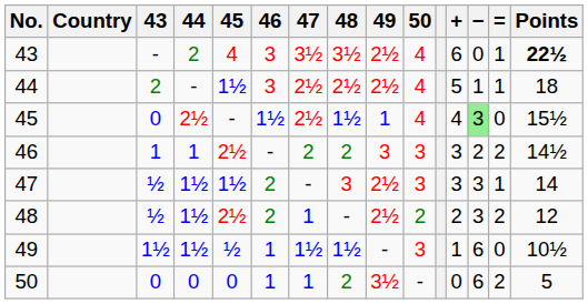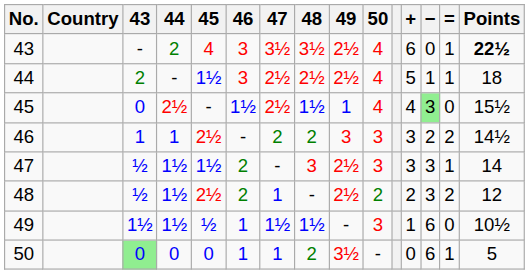 <table class="wikitable" style="text-align:center">
 <tr>
 <th>No.</th>
 <th>Country</th>
 <th>43</th>
 <th>44</th>
 <th>45</th>
 <th>46</th>
 <th>47</th>
 <th>48</th>
 <th>49</th>
 <th>50</th>
 <th></th>
 <th>+</th>
 <th>−</th>
 <th>=</th>
 <th>Points</th>
 </tr>
 <tr>
 <td>43</td>
 <td style="text-align: left"></td>
 <td>-</td>
 <td style="color:green;">2</td>
 <td style="color:red;">4</td>
 <td style="color:red;">3</td>
 <td style="color:red;">3½</td>
 <td style="color:red;">3½</td>
 <td style="color:red;">2½</td>
 <td style="color:red;">4</td>
 <th></th>
 <td>6</td>
 <td>0</td>
 <td>1</td>
 <td><strong>22½ </strong></td>
 </tr>
 <tr>
 <td>44</td>
 <td style="text-align: left"></td>
 <td style="color:green;">2</td>
 <td>-</td>
 <td style="color:blue;">1½</td>
 <td style="color:red;">3</td>
 <td style="color:red;">2½</td>
 <td style="color:red;">2½</td>
 <td style="color:red;">2½</td>
 <td style="color:red;">4</td>
 <th></th>
 <td>5</td>
 <td>1</td>
 <td>1</td>
 <td>18</td>
 </tr>
 <tr>
 <td>45</td>
 <td style="text-align: left"></td>
 <td style="color:blue;">0</td>
 <td style="color:red;">2½</td>
 <td>-</td>
 <td style="color:blue;">1½</td>
 <td style="color:red;">2½</td>
 <td style="color:blue;">1½</td>
 <td style="color:blue;">1</td>
 <td style="color:red;">4</td>
 <th></th>
 <td>4</td>
 <td style="background: lightgreen;">3</td>
 <td>0</td>
 <td>15½</td>
 </tr>
 <tr>
 <td>46</td>
 <td style="text-align: left"></td>
 <td style="color:blue;">1</td>
 <td style="color:blue;">1</td>
 <td style="color:red;">2½</td>
 <td>-</td>
 <td style="color:green;">2</td>
 <td style="color:green;">2</td>
 <td style="color:red;">3</td>
 <td style="color:red;">3</td>
 <th></th>
 <td>3</td>
 <td>2</td>
 <td>2</td>
 <td>14½</td>
 </tr>
 <tr>
 <td>47</td>
 <td style="text-align: left"></td>
 <td style="color:blue;">½</td>
 <td style="color:blue;">1½</td>
 <td style="color:blue;">1½</td>
 <td style="color:green;">2</td>
 <td>-</td>
 <td style="color:red;">3</td>
 <td style="color:red;">2½</td>
 <td style="color:red;">3</td>
 <th></th>
 <td>3</td>
 <td>3</td>
 <td>1</td>
 <td>14</td>
 </tr>
 <tr>
 <td>48</td>
 <td style="text-align: left"></td>
 <td style="color:blue;">½</td>
 <td style="color:blue;">1½</td>
 <td style="color:red;">2½</td>
 <td style="color:green;">2</td>
 <td style="color:blue;">1</td>
 <td>-</td>
 <td style="color:red;">2½</td>
 <td style="color:green;">2</td>
 <th></th>
 <td>2</td>
 <td>3</td>
 <td>2</td>
 <td>12</td>
 </tr>
 <tr>
 <td>49</td>
 <td style="text-align: left"></td>
 <td style="color:blue;">1½</td>
 <td style="color:blue;">1½</td>
 <td style="color:blue;">½</td>
 <td style="color:blue;">1</td>
 <td style="color:blue;">1½</td>
 <td style="color:blue;">1½</td>
 <td>-</td>
 <td style="color:red;">3</td>
 <th></th>
 <td>1</td>
 <td>6</td>
 <td>0</td>
 <td>10½</td>
 </tr>
 <tr>
 <td>50</td>
 <td style="text-align: left"></td>
-<td style="color:blue;">0</td>
+<td style="background: lightgreen; color:blue;">0</td>
 <td style="color:blue;">0</td>
 <td style="color:blue;">0</td>
 <td style="color:blue;">1</td>
 <td style="color:blue;">1</td>
 <td style="color:green;">2</td>
 <td style="color:red;">3½</td>
 <td>-</td>
 <th></th>
 <td>0</td>
 <td>6</td>
-<td>2</td>
+<td>1</td>
 <td>5</td>
 </tr>
 </table>
